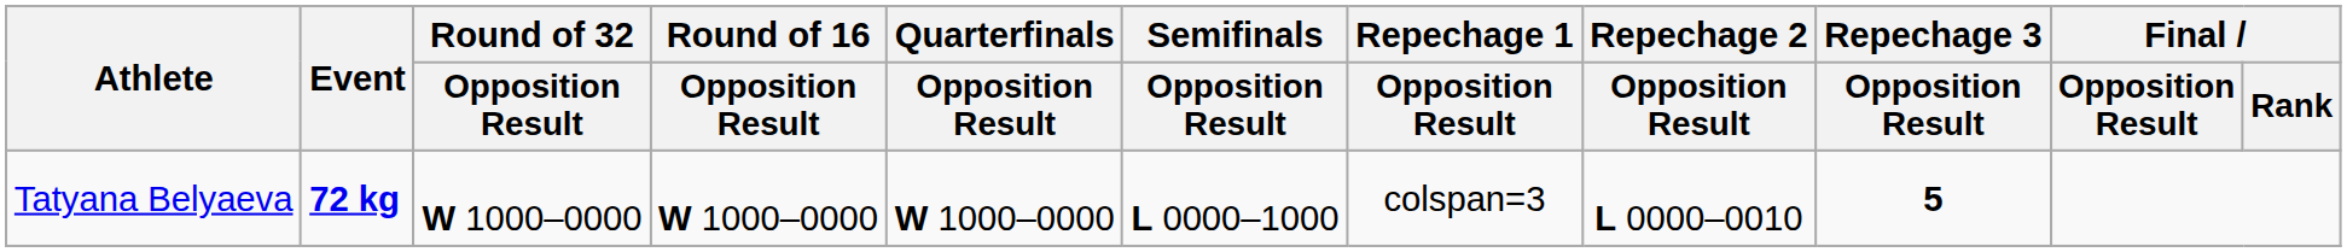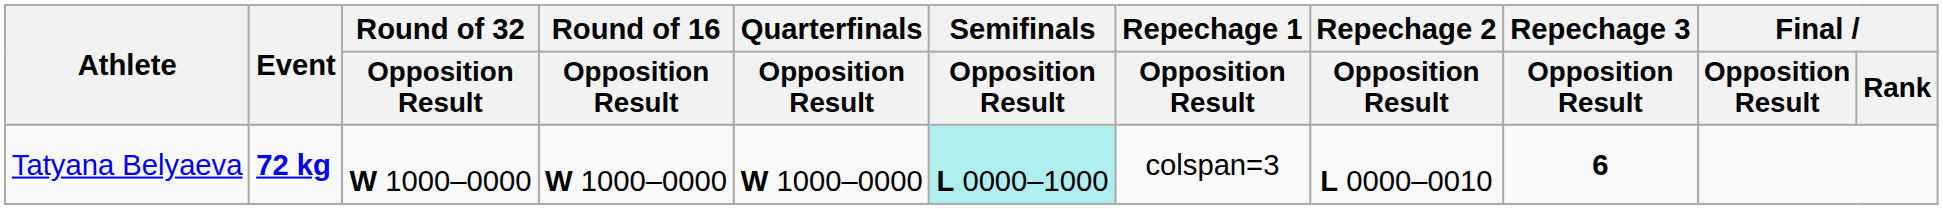 <table class="wikitable" style="font-size:90%">
 <tr>
 <th rowspan="2">Athlete</th>
 <th rowspan="2">Event</th>
 <th>Round of 32</th>
 <th>Round of 16</th>
 <th>Quarterfinals</th>
 <th>Semifinals</th>
 <th>Repechage 1</th>
 <th>Repechage 2</th>
 <th>Repechage 3</th>
 <th colspan=2>Final / </th>
 </tr>
 <tr style="font-size:95%">
 <th>Opposition<br>Result</th>
 <th>Opposition<br>Result</th>
 <th>Opposition<br>Result</th>
 <th>Opposition<br>Result</th>
 <th>Opposition<br>Result</th>
 <th>Opposition<br>Result</th>
 <th>Opposition<br>Result</th>
 <th>Opposition<br>Result</th>
 <th>Rank</th>
 </tr>
 <tr align=center>
 <td align=left><a href='#'>Tatyana Belyaeva</a></td>
 <td align=left><strong><a href='#'>72 kg</a></strong></td>
 <td><br><strong>W</strong> 1000–0000</td>
 <td><br><strong>W</strong> 1000–0000</td>
 <td><br><strong>W</strong> 1000–0000</td>
-<td><br><strong>L</strong> 0000–1000</td>
+<td style="background: paleturquoise;"><br><strong>L</strong> 0000–1000</td>
 <td>colspan=3 </td>
 <td><br><strong>L</strong> 0000–0010</td>
-<td><strong>5</strong></td>
+<td><strong>6</strong></td>
 </tr>
 </table>
